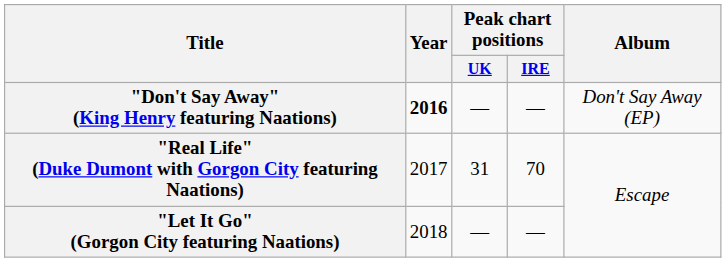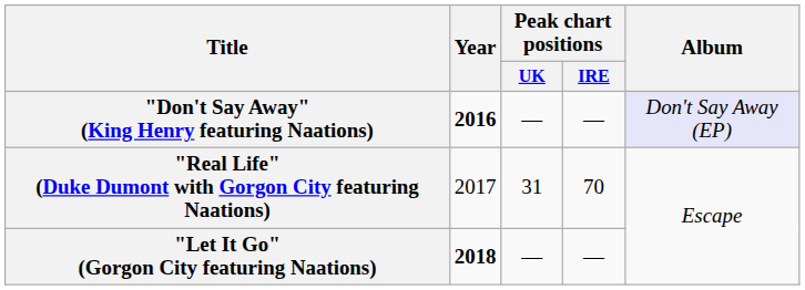 <table class="wikitable plainrowheaders" style="text-align:center;">
 <tr>
 <th scope="col" rowspan="2">Title</th>
 <th scope="col" rowspan="2">Year</th>
 <th scope="col" colspan="2">Peak chart positions</th>
 <th scope="col" rowspan="2">Album</th>
 </tr>
 <tr>
 <th scope="col" style="width:3em;font-size:85%;"><a href='#'>UK</a><br></th>
 <th scope="col" style="width:3em;font-size:85%;"><a href='#'>IRE</a><br></th>
 </tr>
 <tr>
 <th scope="row">"Don't Say Away"<br><span>(<a href='#'>King Henry</a> featuring Naations)</span></th>
 <td><strong>2016</strong></td>
 <td>—</td>
 <td>—</td>
-<td><em>Don't Say Away (EP)</em></td>
+<td style="background: lavender;"><em>Don't Say Away (EP)</em></td>
 </tr>
 <tr>
 <th scope="row">"Real Life"<br><span>(<a href='#'>Duke Dumont</a> with <a href='#'>Gorgon City</a> featuring Naations)</span></th>
 <td>2017</td>
 <td>31</td>
 <td>70</td>
 <td rowspan="2"><em>Escape</em></td>
 </tr>
 <tr>
 <th scope="row">"Let It Go"<br><span>(Gorgon City featuring Naations)</span></th>
-<td>2018</td>
+<td><strong>2018</strong></td>
 <td>—</td>
 <td>—</td>
 </tr>
 </table>
